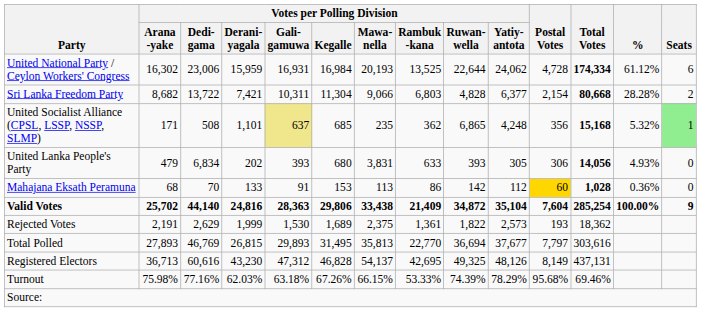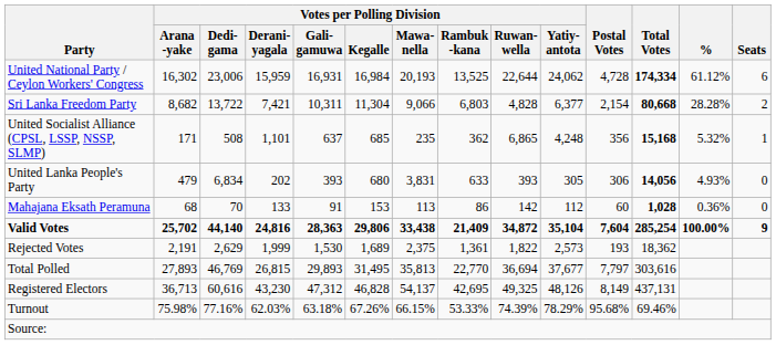 <table class="wikitable" border="1" style="text-align:right;">
 <tr>
 <th align=left valign=bottom rowspan=2 width="180">Party</th>
 <th colspan=9>Votes per Polling Division</th>
 <th align=center valign=bottom rowspan=2 width="50">Postal<br>Votes</th>
 <th align=center valign=bottom rowspan=2 width="50">Total Votes</th>
 <th align=center valign=bottom rowspan=2 width="50">%</th>
 <th align=center valign=bottom rowspan=2 width="40">Seats</th>
 </tr>
 <tr>
 <th align=center valign=bottom width="50">Arana<br>-yake</th>
 <th align=center valign=bottom width="50">Dedi-<br>gama</th>
 <th align=center valign=bottom width="50">Derani-<br>yagala</th>
 <th align=center valign=bottom width="50">Gali-<br>gamuwa</th>
 <th align=center valign=bottom width="50">Kegalle</th>
 <th align=center valign=bottom width="50">Mawa-<br>nella</th>
 <th align=center valign=bottom width="50">Rambuk<br>-kana</th>
 <th align=center valign=bottom width="50">Ruwan-<br>wella</th>
 <th align=center valign=bottom width="50">Yatiy-<br>antota</th>
 </tr>
 <tr>
 <td align=left><a href='#'>United National Party</a> /<br><a href='#'>Ceylon Workers' Congress</a></td>
 <td>16,302</td>
 <td>23,006</td>
 <td>15,959</td>
 <td>16,931</td>
 <td>16,984</td>
 <td>20,193</td>
 <td>13,525</td>
 <td>22,644</td>
 <td>24,062</td>
 <td>4,728</td>
 <td><strong>174,334</strong></td>
 <td>61.12%</td>
 <td>6</td>
 </tr>
 <tr>
 <td align=left><a href='#'>Sri Lanka Freedom Party</a></td>
 <td>8,682</td>
 <td>13,722</td>
 <td>7,421</td>
 <td>10,311</td>
 <td>11,304</td>
 <td>9,066</td>
 <td>6,803</td>
 <td>4,828</td>
 <td>6,377</td>
 <td>2,154</td>
 <td><strong>80,668</strong></td>
 <td>28.28%</td>
 <td>2</td>
 </tr>
 <tr>
 <td align=left>United Socialist Alliance<br>(<a href='#'>CPSL</a>, <a href='#'>LSSP</a>, <a href='#'>NSSP</a>, <a href='#'>SLMP</a>)</td>
 <td>171</td>
 <td>508</td>
 <td>1,101</td>
-<td style="background: khaki;">637</td>
+<td>637</td>
 <td>685</td>
 <td>235</td>
 <td>362</td>
 <td>6,865</td>
 <td>4,248</td>
 <td>356</td>
 <td><strong>15,168</strong></td>
 <td>5.32%</td>
-<td style="background: lightgreen;">1</td>
+<td>1</td>
 </tr>
 <tr>
 <td align=left>United Lanka People's Party</td>
 <td>479</td>
 <td>6,834</td>
 <td>202</td>
 <td>393</td>
 <td>680</td>
 <td>3,831</td>
 <td>633</td>
 <td>393</td>
 <td>305</td>
 <td>306</td>
 <td><strong>14,056</strong></td>
 <td>4.93%</td>
 <td>0</td>
 </tr>
 <tr>
 <td align=left><a href='#'>Mahajana Eksath Peramuna</a></td>
 <td>68</td>
 <td>70</td>
 <td>133</td>
 <td>91</td>
 <td>153</td>
 <td>113</td>
 <td>86</td>
 <td>142</td>
 <td>112</td>
-<td style="background: gold;">60</td>
+<td>60</td>
 <td><strong>1,028</strong></td>
 <td>0.36%</td>
 <td>0</td>
 </tr>
 <tr>
 <td align=left><strong>Valid Votes</strong></td>
 <td><strong>25,702</strong></td>
 <td><strong>44,140</strong></td>
 <td><strong>24,816</strong></td>
 <td><strong>28,363</strong></td>
 <td><strong>29,806</strong></td>
 <td><strong>33,438</strong></td>
 <td><strong>21,409</strong></td>
 <td><strong>34,872</strong></td>
 <td><strong>35,104</strong></td>
 <td><strong>7,604</strong></td>
 <td><strong>285,254</strong></td>
 <td><strong>100.00%</strong></td>
 <td><strong>9</strong></td>
 </tr>
 <tr>
 <td align=left>Rejected Votes</td>
 <td>2,191</td>
 <td>2,629</td>
 <td>1,999</td>
 <td>1,530</td>
 <td>1,689</td>
 <td>2,375</td>
 <td>1,361</td>
 <td>1,822</td>
 <td>2,573</td>
 <td>193</td>
 <td>18,362</td>
 <td></td>
 <td></td>
 </tr>
 <tr>
 <td align=left>Total Polled</td>
 <td>27,893</td>
 <td>46,769</td>
 <td>26,815</td>
 <td>29,893</td>
 <td>31,495</td>
 <td>35,813</td>
 <td>22,770</td>
 <td>36,694</td>
 <td>37,677</td>
 <td>7,797</td>
 <td>303,616</td>
 <td></td>
 <td></td>
 </tr>
 <tr>
 <td align=left>Registered Electors</td>
 <td>36,713</td>
 <td>60,616</td>
 <td>43,230</td>
 <td>47,312</td>
 <td>46,828</td>
 <td>54,137</td>
 <td>42,695</td>
 <td>49,325</td>
 <td>48,126</td>
 <td>8,149</td>
 <td>437,131</td>
 <td></td>
 <td></td>
 </tr>
 <tr>
 <td align=left>Turnout</td>
 <td>75.98%</td>
 <td>77.16%</td>
 <td>62.03%</td>
 <td>63.18%</td>
 <td>67.26%</td>
 <td>66.15%</td>
 <td>53.33%</td>
 <td>74.39%</td>
 <td>78.29%</td>
 <td>95.68%</td>
 <td>69.46%</td>
 <td></td>
 <td></td>
 </tr>
 <tr>
 <td align=left colspan=15>Source:</td>
 </tr>
 </table>
